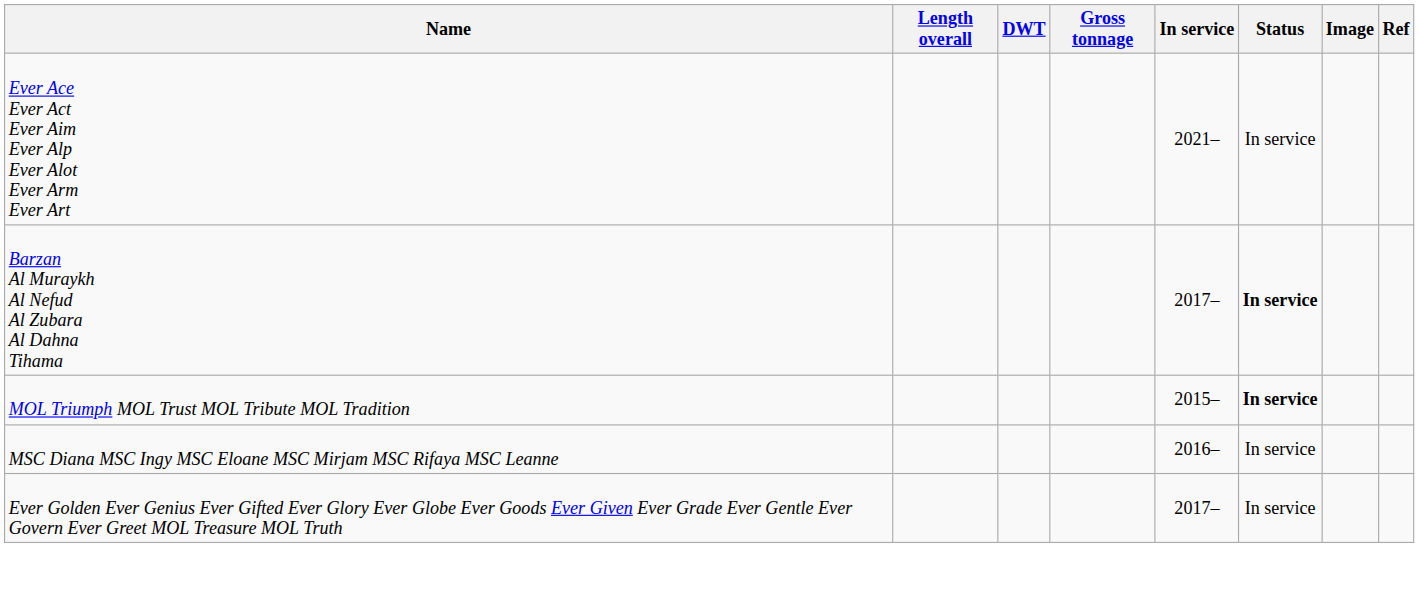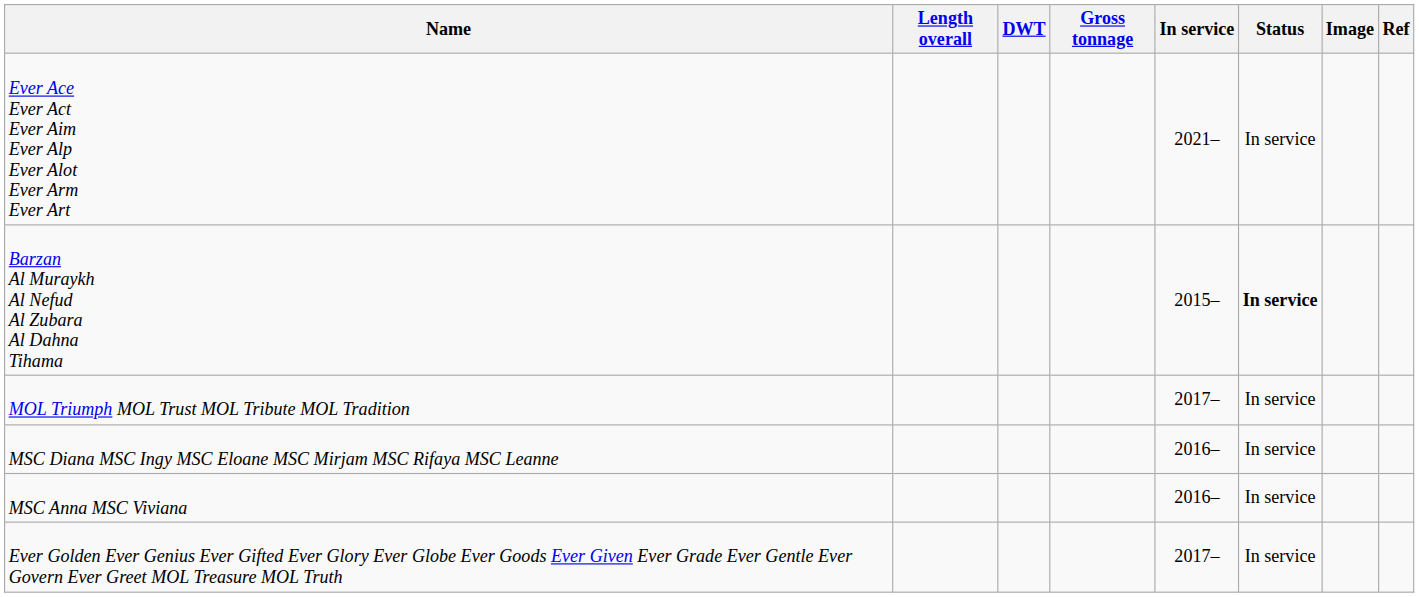 <table class="sortable wikitable">
 <tr>
 <th align="left">Name</th>
 <th><a href='#'>Length overall</a></th>
 <th data-sort-type="number"><a href='#'>DWT</a></th>
 <th><a href='#'>Gross tonnage</a></th>
 <th style="white-space:nowrap">In service</th>
 <th>Status</th>
 <th class="unsortable">Image</th>
 <th class="unsortable">Ref</th>
 </tr>
 <tr>
 <td><br><em><a href='#'>Ever Ace</a></em><br><em>Ever Act</em><br><em>Ever Aim</em><br><em>Ever Alp</em><br><em>Ever Alot</em><br><em>Ever Arm</em><br><em>Ever Art</em></td>
 <td style="white-space:nowrap" align="center"></td>
 <td style="white-space:nowrap" align="center"></td>
 <td style="white-space:nowrap" align="center"></td>
 <td style="white-space:nowrap" align="center">2021–</td>
 <td style="white-space:nowrap" align="center">In service</td>
 <td></td>
 <td align="center"><br> </td>
 </tr>
 <tr>
 <td><br><em><a href='#'>Barzan</a></em><br><em>Al Muraykh</em><br><em>Al Nefud</em><br><em>Al Zubara</em><br><em>Al Dahna</em><br><em>Tihama</em></td>
 <td style="white-space:nowrap" align="center"></td>
 <td style="white-space:nowrap" align="center"></td>
 <td style="white-space:nowrap" align="center"></td>
-<td style="white-space:nowrap" align="center">2017–</td>
+<td style="white-space:nowrap" align="center">2015–</td>
 <td style="white-space:nowrap" align="center"><strong>In service</strong></td>
 <td></td>
 <td align="center"><br>     </td>
 </tr>
 <tr>
 <td><br><em><a href='#'>MOL Triumph</a></em> <em>MOL Trust</em> <em>MOL Tribute</em> <em>MOL Tradition</em></td>
 <td style="white-space:nowrap" align="center"></td>
 <td style="white-space:nowrap" align="center"></td>
 <td style="white-space:nowrap" align="center"></td>
-<td style="white-space:nowrap" align="center">2015–</td>
-<td style="white-space:nowrap" align="center"><strong>In service</strong></td>
+<td style="white-space:nowrap" align="center">2017–</td>
+<td style="white-space:nowrap" align="center">In service</td>
 <td></td>
 <td><br>  </td>
 </tr>
 <tr>
 <td><br><em>MSC Diana</em> <em>MSC Ingy</em> <em>MSC Eloane</em> <em>MSC Mirjam</em> <em>MSC Rifaya</em> <em>MSC Leanne</em></td>
 <td style="white-space:nowrap" align="center"></td>
 <td style="white-space:nowrap" align="center"></td>
 <td style="white-space:nowrap" align="center"></td>
 <td style="white-space:nowrap" align="center">2016–</td>
 <td style="white-space:nowrap" align="center">In service</td>
 <td></td>
 <td align="center"><br>     </td>
 </tr>
 <tr>
+<td><br><em>MSC Anna</em> <em>MSC Viviana</em></td>
+<td style="white-space:nowrap" align="center"></td>
+<td style="white-space:nowrap" align="center"></td>
+<td style="white-space:nowrap" align="center"></td>
+<td style="white-space:nowrap" align="center">2016–</td>
+<td style="white-space:nowrap" align="center">In service</td>
+<td></td>
+<td align="center"><br> </td>
+</tr>
+<tr>
 <td><br><em>Ever Golden</em> <em>Ever Genius</em> <em>Ever Gifted</em> <em>Ever Glory</em> <em>Ever Globe</em> <em>Ever Goods</em> <em><a href='#'>Ever Given</a></em> <em>Ever Grade</em> <em>Ever Gentle</em> <em>Ever Govern</em> <em>Ever Greet</em> <em>MOL Treasure</em> <em>MOL Truth</em></td>
 <td style="white-space:nowrap" align="center"></td>
 <td style="white-space:nowrap" align="center"></td>
 <td style="white-space:nowrap" align="center"></td>
 <td style="white-space:nowrap" align="center">2017–</td>
 <td style="white-space:nowrap" align="center">In service</td>
 <td></td>
 <td align="center"><br>            </td>
 </tr>
 </table>
